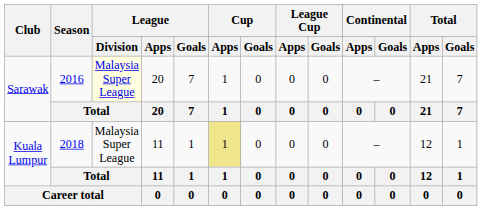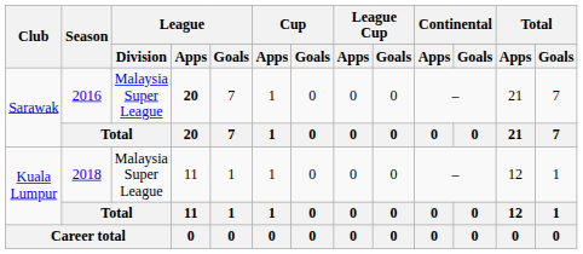 <table class=wikitable style="text-align: center">
 <tr>
 <th rowspan=2>Club</th>
 <th rowspan=2>Season</th>
 <th colspan=3>League</th>
 <th colspan=2>Cup</th>
 <th colspan=2>League Cup</th>
 <th colspan=2>Continental</th>
 <th colspan=2>Total</th>
 </tr>
 <tr>
 <th>Division</th>
 <th>Apps</th>
 <th>Goals</th>
 <th>Apps</th>
 <th>Goals</th>
 <th>Apps</th>
 <th>Goals</th>
 <th>Apps</th>
 <th>Goals</th>
 <th>Apps</th>
 <th>Goals</th>
 </tr>
 <tr>
 <td rowspan="2"><a href='#'>Sarawak</a></td>
 <td><a href='#'>2016</a></td>
-<td style="background: lightyellow;"><a href='#'>Malaysia Super League</a></td>
-<td>20</td>
+<td><a href='#'>Malaysia Super League</a></td>
+<td><strong>20</strong></td>
 <td>7</td>
 <td>1</td>
 <td>0</td>
 <td>0</td>
 <td>0</td>
 <td colspan=2>–</td>
 <td>21</td>
 <td>7</td>
 </tr>
 <tr>
 <th colspan=2>Total</th>
 <th>20</th>
 <th>7</th>
 <th>1</th>
 <th>0</th>
 <th>0</th>
 <th>0</th>
 <th>0</th>
 <th>0</th>
 <th>21</th>
 <th>7</th>
 </tr>
 <tr>
 <td rowspan="2"><a href='#'>Kuala Lumpur</a></td>
 <td><a href='#'>2018</a></td>
 <td>Malaysia Super League</td>
 <td>11</td>
 <td>1</td>
-<td style="background: khaki;">1</td>
+<td>1</td>
 <td>0</td>
 <td>0</td>
 <td>0</td>
 <td colspan=2>–</td>
 <td>12</td>
 <td>1</td>
 </tr>
 <tr>
 <th colspan=2>Total</th>
 <th>11</th>
 <th>1</th>
 <th>1</th>
 <th>0</th>
 <th>0</th>
 <th>0</th>
 <th>0</th>
 <th>0</th>
 <th>12</th>
 <th>1</th>
 </tr>
 <tr>
 <th colspan=3>Career total</th>
 <th>0</th>
 <th>0</th>
 <th>0</th>
 <th>0</th>
 <th>0</th>
 <th>0</th>
 <th>0</th>
 <th>0</th>
 <th>0</th>
 <th>0</th>
 </tr>
 </table>
